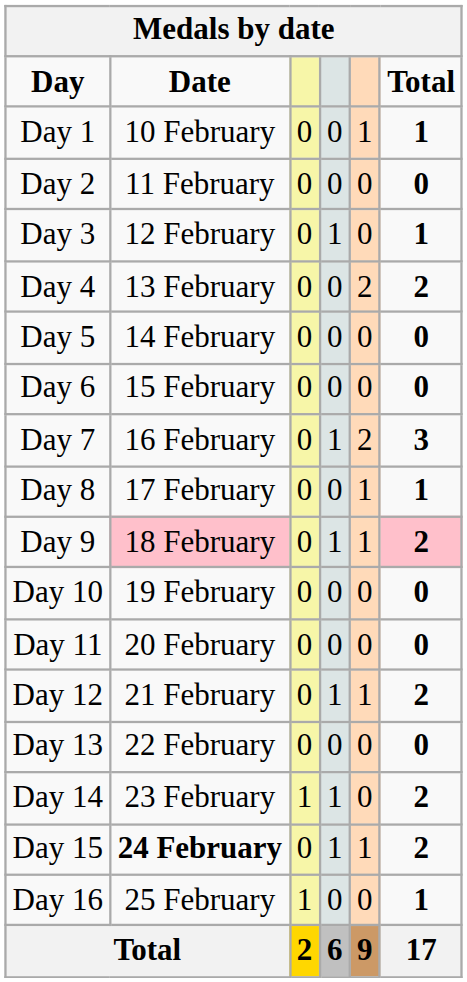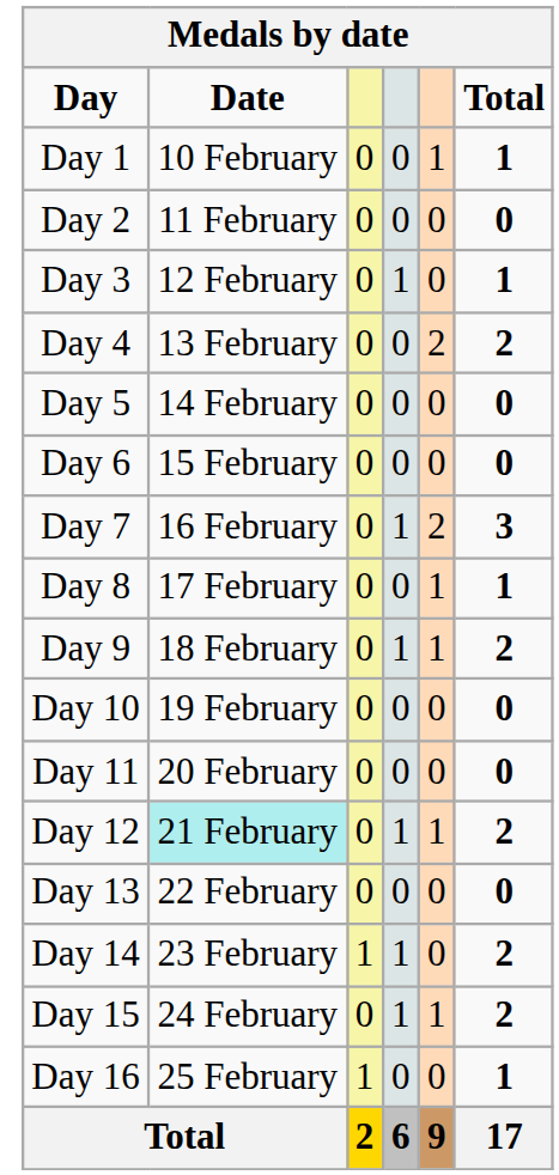 <table class=wikitable style="font-size:85%;float:right;clear:right;">
 <tr bgcolor=efefef>
 <th colspan=6>Medals by date</th>
 </tr>
 <tr align=center>
 <td><strong>Day</strong></td>
 <td><strong>Date</strong></td>
 <td bgcolor=#f7f6a8></td>
 <td bgcolor=#dce5e5></td>
 <td bgcolor=#ffdab9></td>
 <td><strong>Total</strong></td>
 </tr>
 <tr align=center>
 <td>Day 1</td>
 <td>10 February</td>
 <td bgcolor=F7F6A8>0</td>
 <td bgcolor=DCE5E5>0</td>
 <td bgcolor=FFDAB9>1</td>
 <td><strong>1</strong></td>
 </tr>
 <tr align=center>
 <td>Day 2</td>
 <td>11 February</td>
 <td bgcolor=F7F6A8>0</td>
 <td bgcolor=DCE5E5>0</td>
 <td bgcolor=FFDAB9>0</td>
 <td><strong>0</strong></td>
 </tr>
 <tr align=center>
 <td>Day 3</td>
 <td>12 February</td>
 <td bgcolor=F7F6A8>0</td>
 <td bgcolor=DCE5E5>1</td>
 <td bgcolor=FFDAB9>0</td>
 <td><strong>1</strong></td>
 </tr>
 <tr align=center>
 <td>Day 4</td>
 <td>13 February</td>
 <td bgcolor=F7F6A8>0</td>
 <td bgcolor=DCE5E5>0</td>
 <td bgcolor=FFDAB9>2</td>
 <td><strong>2</strong></td>
 </tr>
 <tr align=center>
 <td>Day 5</td>
 <td>14 February</td>
 <td bgcolor=F7F6A8>0</td>
 <td bgcolor=DCE5E5>0</td>
 <td bgcolor=FFDAB9>0</td>
 <td><strong>0</strong></td>
 </tr>
 <tr align=center>
 <td>Day 6</td>
 <td>15 February</td>
 <td bgcolor=F7F6A8>0</td>
 <td bgcolor=DCE5E5>0</td>
 <td bgcolor=FFDAB9>0</td>
 <td><strong>0</strong></td>
 </tr>
 <tr align=center>
 <td>Day 7</td>
 <td>16 February</td>
 <td bgcolor=F7F6A8>0</td>
 <td bgcolor=DCE5E5>1</td>
 <td bgcolor=FFDAB9>2</td>
 <td><strong>3</strong></td>
 </tr>
 <tr align=center>
 <td>Day 8</td>
 <td>17 February</td>
 <td bgcolor=F7F6A8>0</td>
 <td bgcolor=DCE5E5>0</td>
 <td bgcolor=FFDAB9>1</td>
 <td><strong>1</strong></td>
 </tr>
 <tr align=center>
 <td>Day 9</td>
-<td style="background: pink;">18 February</td>
+<td>18 February</td>
 <td bgcolor=F7F6A8>0</td>
 <td bgcolor=DCE5E5>1</td>
 <td bgcolor=FFDAB9>1</td>
-<td style="background: pink;"><strong>2</strong></td>
+<td><strong>2</strong></td>
 </tr>
 <tr align=center>
 <td>Day 10</td>
 <td>19 February</td>
 <td bgcolor=F7F6A8>0</td>
 <td bgcolor=DCE5E5>0</td>
 <td bgcolor=FFDAB9>0</td>
 <td><strong>0</strong></td>
 </tr>
 <tr align=center>
 <td>Day 11</td>
 <td>20 February</td>
 <td bgcolor=F7F6A8>0</td>
 <td bgcolor=DCE5E5>0</td>
 <td bgcolor=FFDAB9>0</td>
 <td><strong>0</strong></td>
 </tr>
 <tr align=center>
 <td>Day 12</td>
-<td>21 February</td>
+<td style="background: paleturquoise;">21 February</td>
 <td bgcolor=F7F6A8>0</td>
 <td bgcolor=DCE5E5>1</td>
 <td bgcolor=FFDAB9>1</td>
 <td><strong>2</strong></td>
 </tr>
 <tr align=center>
 <td>Day 13</td>
 <td>22 February</td>
 <td bgcolor=F7F6A8>0</td>
 <td bgcolor=DCE5E5>0</td>
 <td bgcolor=FFDAB9>0</td>
 <td><strong>0</strong></td>
 </tr>
 <tr align=center>
 <td>Day 14</td>
 <td>23 February</td>
 <td bgcolor=F7F6A8>1</td>
 <td bgcolor=DCE5E5>1</td>
 <td bgcolor=FFDAB9>0</td>
 <td><strong>2</strong></td>
 </tr>
 <tr align=center>
 <td>Day 15</td>
-<td><strong>24 February</strong></td>
+<td>24 February</td>
 <td bgcolor=F7F6A8>0</td>
 <td bgcolor=DCE5E5>1</td>
 <td bgcolor=FFDAB9>1</td>
 <td><strong>2</strong></td>
 </tr>
 <tr align=center>
 <td>Day 16</td>
 <td>25 February</td>
 <td bgcolor=F7F6A8>1</td>
 <td bgcolor=DCE5E5>0</td>
 <td bgcolor=FFDAB9>0</td>
 <td><strong>1</strong></td>
 </tr>
 <tr>
 <th colspan=2>Total</th>
 <th style="background:gold">2</th>
 <th style="background:silver">6</th>
 <th style="background:#c96">9</th>
 <th>17</th>
 </tr>
 </table>
